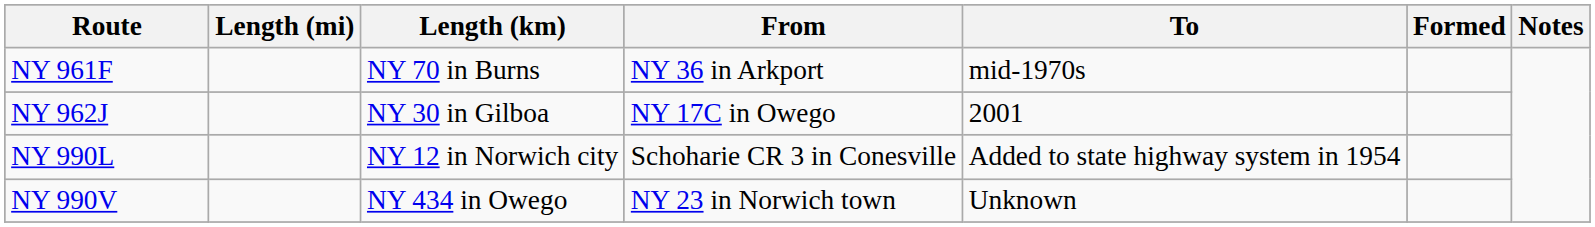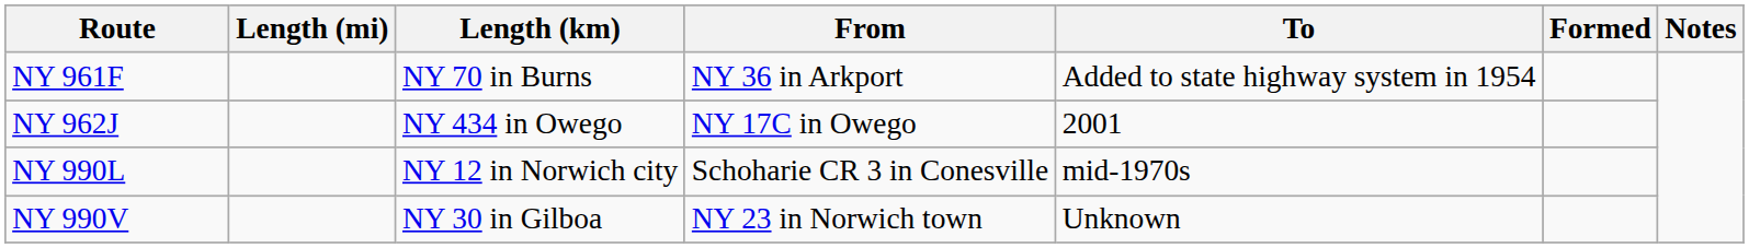 <table class="wikitable sortable">
 <tr>
 <th style="width:7em;">Route</th>
 <th data-sort-type=number>Length (mi)</th>
 <th data-sort-type=number>Length (km)</th>
 <th>From</th>
 <th>To</th>
 <th>Formed</th>
 <th>Notes</th>
 </tr>
 <tr>
 <td> <a href='#'>NY 961F</a></td>
 <td></td>
 <td><a href='#'>NY 70</a> in Burns</td>
 <td><a href='#'>NY 36</a> in Arkport</td>
-<td>mid-1970s</td>
+<td>Added to state highway system in 1954</td>
 <td></td>
 </tr>
 <tr>
 <td> <a href='#'>NY 962J</a></td>
 <td></td>
-<td><a href='#'>NY 30</a> in Gilboa</td>
+<td><a href='#'>NY 434</a> in Owego</td>
 <td><a href='#'>NY 17C</a> in Owego</td>
 <td>2001</td>
 <td></td>
 </tr>
 <tr>
 <td> <a href='#'>NY 990L</a></td>
 <td></td>
 <td><a href='#'>NY 12</a> in Norwich city</td>
 <td>Schoharie CR 3 in Conesville</td>
-<td>Added to state highway system in 1954</td>
+<td>mid-1970s</td>
 <td></td>
 </tr>
 <tr>
 <td> <a href='#'>NY 990V</a></td>
 <td></td>
-<td><a href='#'>NY 434</a> in Owego</td>
+<td><a href='#'>NY 30</a> in Gilboa</td>
 <td><a href='#'>NY 23</a> in Norwich town</td>
 <td>Unknown</td>
 <td></td>
 </tr>
 </table>
